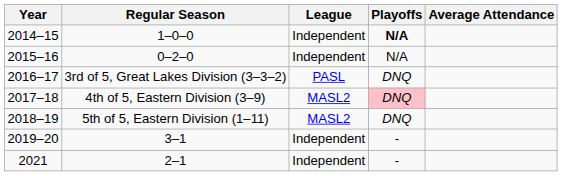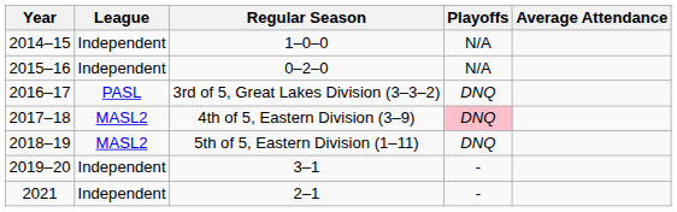 <table class="wikitable" style="text-align: center">
 <tr>
 <th>Year</th>
+<th>League</th>
 <th>Regular Season</th>
-<th>League</th>
 <th>Playoffs</th>
 <th>Average Attendance</th>
 </tr>
 <tr>
 <td>2014–15</td>
+<td>Independent</td>
 <td>1–0–0</td>
-<td>Independent</td>
-<td><strong>N/A</strong></td>
+<td>N/A</td>
 <td></td>
 </tr>
 <tr>
 <td>2015–16</td>
+<td>Independent</td>
 <td style="text-align: center;">0–2–0</td>
-<td>Independent</td>
 <td>N/A</td>
 <td></td>
 </tr>
 <tr>
 <td>2016–17</td>
+<td><a href='#'>PASL</a></td>
 <td style="text-align: left;">3rd of 5, Great Lakes Division (3–3–2)</td>
-<td><a href='#'>PASL</a></td>
 <td><em>DNQ</em></td>
 <td></td>
 </tr>
 <tr>
 <td>2017–18</td>
+<td><a href='#'>MASL2</a></td>
 <td style="text-align: center;">4th of 5, Eastern Division (3–9)</td>
-<td><a href='#'>MASL2</a></td>
 <td style="background: pink;"><em>DNQ</em></td>
 <td></td>
 </tr>
 <tr>
 <td>2018–19</td>
+<td><a href='#'>MASL2</a></td>
 <td style="text-align: center;">5th of 5, Eastern Division (1–11)</td>
-<td><a href='#'>MASL2</a></td>
 <td><em>DNQ</em></td>
 <td></td>
 </tr>
 <tr>
 <td>2019–20</td>
+<td>Independent</td>
 <td style=“text-align: Center;”>3–1</td>
-<td>Independent</td>
 <td>-</td>
 <td></td>
 </tr>
 <tr>
 <td>2021</td>
+<td>Independent</td>
 <td style=“text-align: Center;”>2–1</td>
-<td>Independent</td>
 <td>-</td>
 <td></td>
 </tr>
 </table>
